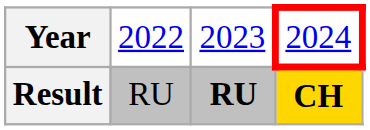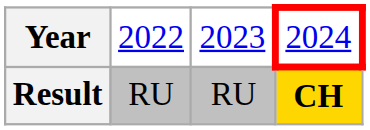 <table class="wikitable" style="text-align:center; font-size:90%; background:white">
 <tr>
 <th>Year</th>
 <td><a href='#'>2022</a></td>
 <td><a href='#'>2023</a></td>
 <td style="border: 3px solid red"><a href='#'>2024</a></td>
 </tr>
 <tr>
 <th>Result</th>
 <td bgcolor="silver">RU</td>
-<td bgcolor="silver"><strong>RU</strong></td>
+<td bgcolor="silver">RU</td>
 <td bgcolor="gold"><strong>CH</strong></td>
 </tr>
 </table>
